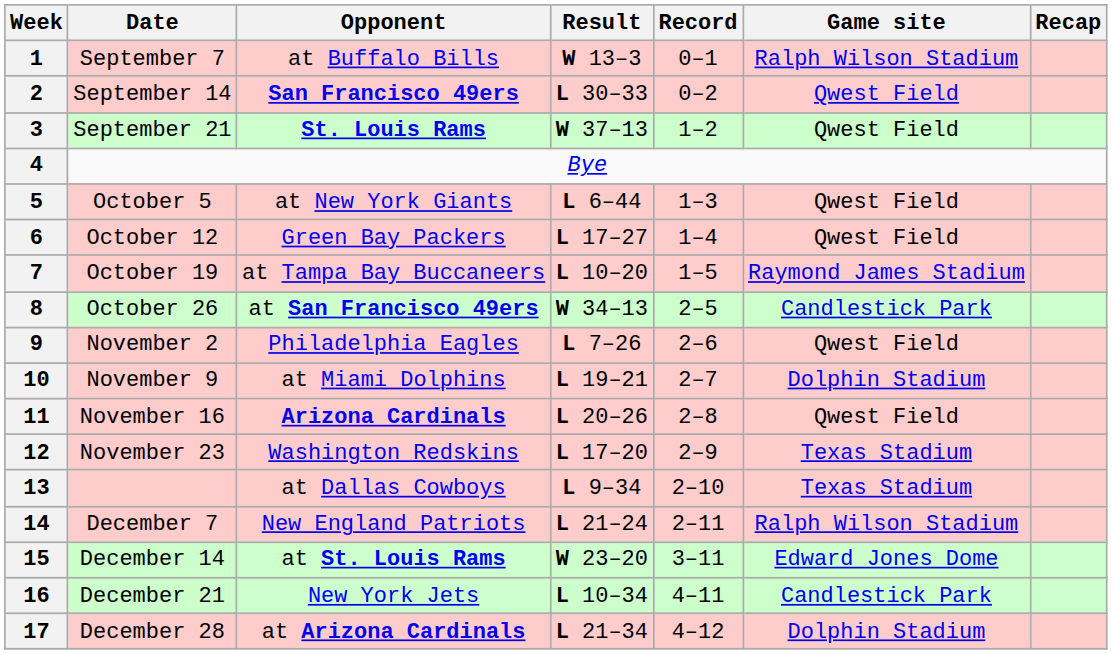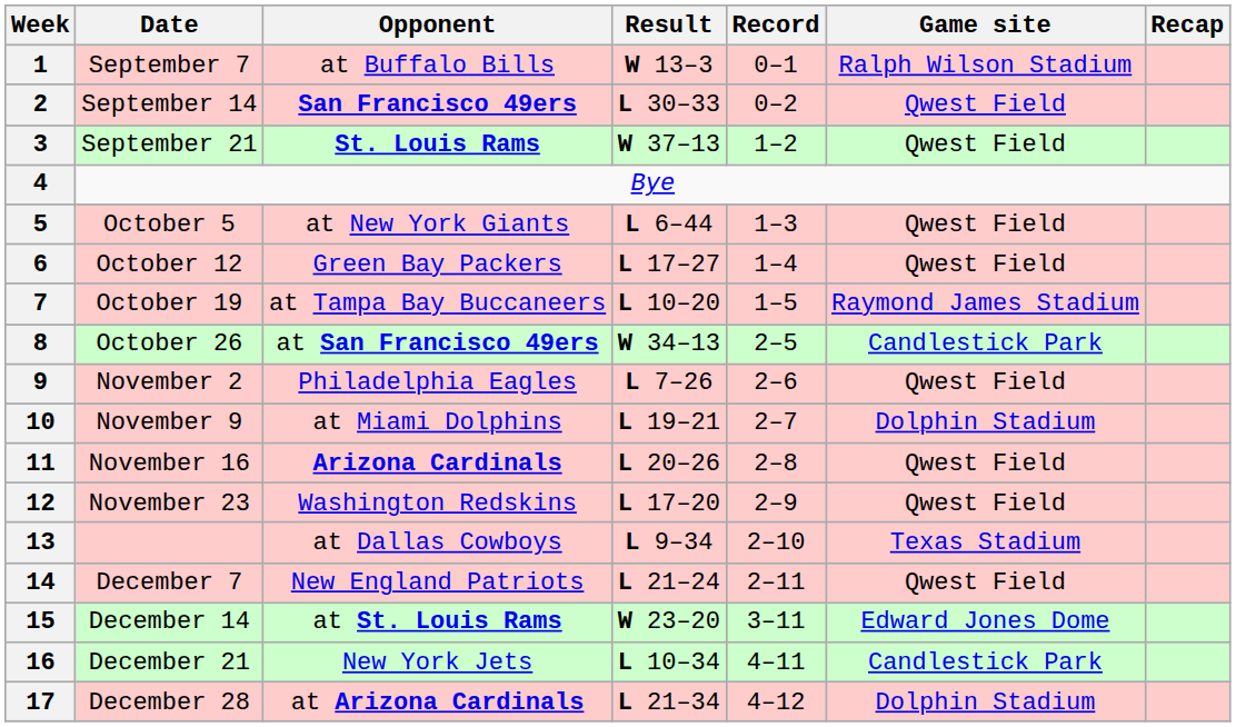 <table class="wikitable" style="text-align:center">
 <tr>
 <th>Week</th>
 <th>Date</th>
 <th>Opponent</th>
 <th>Result</th>
 <th>Record</th>
 <th>Game site</th>
 <th>Recap</th>
 </tr>
 <tr style="background:#fcc">
 <th>1</th>
 <td>September 7</td>
 <td>at <a href='#'>Buffalo Bills</a></td>
 <td><strong>W</strong> 13–3</td>
 <td>0–1</td>
 <td><a href='#'>Ralph Wilson Stadium</a></td>
 <td></td>
 </tr>
 <tr style="background:#fcc">
 <th>2</th>
 <td>September 14</td>
 <td><strong><a href='#'>San Francisco 49ers</a></strong></td>
 <td><strong>L</strong> 30–33 </td>
 <td>0–2</td>
 <td><a href='#'>Qwest Field</a></td>
 <td></td>
 </tr>
 <tr style="background:#cfc">
 <th>3</th>
 <td>September 21</td>
 <td><strong><a href='#'>St. Louis Rams</a></strong></td>
 <td><strong>W</strong> 37–13</td>
 <td>1–2</td>
 <td>Qwest Field</td>
 <td></td>
 </tr>
 <tr>
 <th>4</th>
 <td colspan="6"><em><a href='#'>Bye</a></em></td>
 </tr>
 <tr style="background:#fcc">
 <th>5</th>
 <td>October 5</td>
 <td>at <a href='#'>New York Giants</a></td>
 <td><strong>L</strong> 6–44</td>
 <td>1–3</td>
 <td>Qwest Field</td>
 <td></td>
 </tr>
 <tr style="background:#fcc">
 <th>6</th>
 <td>October 12</td>
 <td><a href='#'>Green Bay Packers</a></td>
 <td><strong>L</strong> 17–27</td>
 <td>1–4</td>
 <td>Qwest Field</td>
 <td></td>
 </tr>
 <tr style="background:#fcc">
 <th>7</th>
 <td>October 19</td>
 <td>at <a href='#'>Tampa Bay Buccaneers</a></td>
 <td><strong>L</strong> 10–20</td>
 <td>1–5</td>
 <td><a href='#'>Raymond James Stadium</a></td>
 <td></td>
 </tr>
 <tr style="background:#cfc">
 <th>8</th>
 <td>October 26</td>
 <td>at <strong><a href='#'>San Francisco 49ers</a></strong></td>
 <td><strong>W</strong> 34–13</td>
 <td>2–5</td>
 <td><a href='#'>Candlestick Park</a></td>
 <td></td>
 </tr>
 <tr style="background:#fcc">
 <th>9</th>
 <td>November 2</td>
 <td><a href='#'>Philadelphia Eagles</a></td>
 <td><strong>L</strong> 7–26</td>
 <td>2–6</td>
 <td>Qwest Field</td>
 <td></td>
 </tr>
 <tr style="background:#fcc">
 <th>10</th>
 <td>November 9</td>
 <td>at <a href='#'>Miami Dolphins</a></td>
 <td><strong>L</strong> 19–21</td>
 <td>2–7</td>
 <td><a href='#'>Dolphin Stadium</a></td>
 <td></td>
 </tr>
 <tr style="background:#fcc">
 <th>11</th>
 <td>November 16</td>
 <td><strong><a href='#'>Arizona Cardinals</a></strong></td>
 <td><strong>L</strong> 20–26</td>
 <td>2–8</td>
 <td>Qwest Field</td>
 <td></td>
 </tr>
 <tr style="background:#fcc">
 <th>12</th>
 <td>November 23</td>
 <td><a href='#'>Washington Redskins</a></td>
 <td><strong>L</strong> 17–20</td>
 <td>2–9</td>
-<td><a href='#'>Texas Stadium</a></td>
+<td>Qwest Field</td>
 <td></td>
 </tr>
 <tr style="background:#fcc">
 <th>13</th>
 <td></td>
 <td>at <a href='#'>Dallas Cowboys</a></td>
 <td><strong>L</strong> 9–34</td>
 <td>2–10</td>
 <td><a href='#'>Texas Stadium</a></td>
 <td></td>
 </tr>
 <tr style="background:#fcc">
 <th>14</th>
 <td>December 7</td>
 <td><a href='#'>New England Patriots</a></td>
 <td><strong>L</strong> 21–24</td>
 <td>2–11</td>
-<td><a href='#'>Ralph Wilson Stadium</a></td>
+<td>Qwest Field</td>
 <td></td>
 </tr>
 <tr style="background:#cfc">
 <th>15</th>
 <td>December 14</td>
 <td>at <strong><a href='#'>St. Louis Rams</a></strong></td>
 <td><strong>W</strong> 23–20</td>
 <td>3–11</td>
 <td><a href='#'>Edward Jones Dome</a></td>
 <td></td>
 </tr>
 <tr style="background:#cfc">
 <th>16</th>
 <td>December 21</td>
 <td><a href='#'>New York Jets</a></td>
 <td><strong>L</strong> 10–34</td>
 <td>4–11</td>
 <td><a href='#'>Candlestick Park</a></td>
 <td></td>
 </tr>
 <tr style="background:#fcc">
 <th>17</th>
 <td>December 28</td>
 <td>at <strong><a href='#'>Arizona Cardinals</a></strong></td>
 <td><strong>L</strong> 21–34</td>
 <td>4–12</td>
 <td><a href='#'>Dolphin Stadium</a></td>
 <td></td>
 </tr>
 </table>
